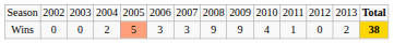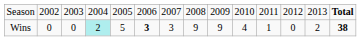 <table class="wikitable">
 <tr>
 <td>Season</td>
 <td>2002</td>
 <td>2003</td>
 <td>2004</td>
 <td>2005</td>
 <td>2006</td>
 <td>2007</td>
 <td>2008</td>
 <td>2009</td>
 <td>2010</td>
 <td>2011</td>
 <td>2012</td>
 <td>2013</td>
 <td><strong>Total</strong></td>
 </tr>
 <tr align=center>
 <td>Wins</td>
 <td>0</td>
 <td>0</td>
-<td>2</td>
-<td style="background: lightsalmon;">5</td>
-<td>3</td>
+<td style="background: paleturquoise;">2</td>
+<td>5</td>
+<td><strong>3</strong></td>
 <td>3</td>
 <td>9</td>
 <td>9</td>
 <td>4</td>
 <td>1</td>
 <td>0</td>
 <td>2</td>
-<td style="background: gold;"><strong>38</strong></td>
+<td><strong>38</strong></td>
 </tr>
 </table>
